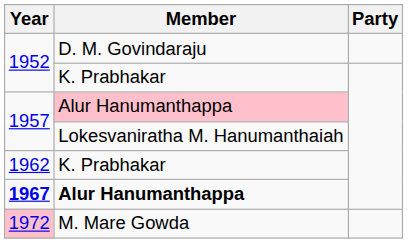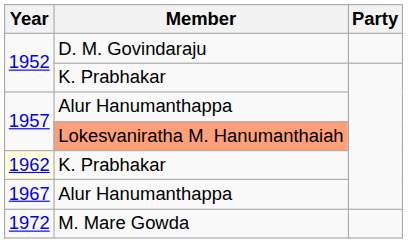 <table class="wikitable">
 <tr>
 <th>Year</th>
 <th>Member</th>
 <th colspan="2">Party</th>
 </tr>
 <tr>
 <td rowspan="2"><a href='#'>1952</a></td>
 <td>D. M. Govindaraju</td>
 <td></td>
 </tr>
 <tr>
 <td>K. Prabhakar</td>
 </tr>
 <tr>
 <td rowspan="2"><a href='#'>1957</a></td>
-<td style="background: pink;">Alur Hanumanthappa</td>
+<td>Alur Hanumanthappa</td>
 </tr>
 <tr>
-<td>Lokesvaniratha M. Hanumanthaiah</td>
+<td style="background: lightsalmon;">Lokesvaniratha M. Hanumanthaiah</td>
 </tr>
 <tr>
-<td><a href='#'>1962</a></td>
+<td style="background: lightyellow;"><a href='#'>1962</a></td>
 <td>K. Prabhakar</td>
 </tr>
 <tr>
-<td><strong><a href='#'>1967</a></strong></td>
-<td><strong>Alur Hanumanthappa</strong></td>
+<td><a href='#'>1967</a></td>
+<td>Alur Hanumanthappa</td>
 </tr>
 <tr>
-<td style="background: pink;"><a href='#'>1972</a></td>
+<td><a href='#'>1972</a></td>
 <td>M. Mare Gowda</td>
 <td></td>
 </tr>
 </table>
